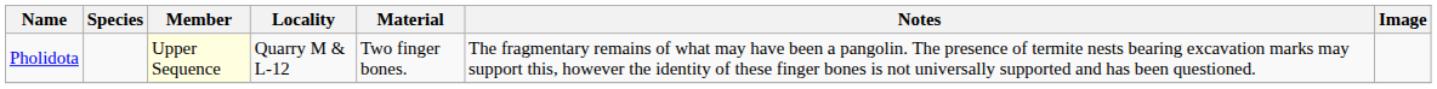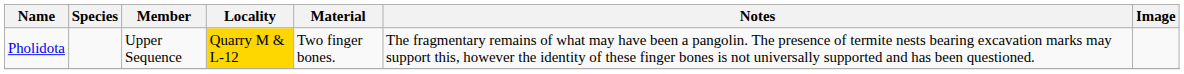 <table class="wikitable" align="center" width="100%">
 <tr>
 <th>Name</th>
 <th>Species</th>
 <th>Member</th>
 <th>Locality</th>
 <th>Material</th>
 <th>Notes</th>
 <th>Image</th>
 </tr>
 <tr>
 <td><a href='#'>Pholidota</a></td>
 <td></td>
-<td style="background: lightyellow;">Upper Sequence</td>
-<td>Quarry M & L-12</td>
+<td>Upper Sequence</td>
+<td style="background: gold;">Quarry M & L-12</td>
 <td>Two finger bones.</td>
 <td>The fragmentary remains of what may have been a pangolin. The presence of termite nests bearing excavation marks may support this, however the identity of these finger bones is not universally supported and has been questioned.</td>
 <td></td>
 </tr>
 <tr>
 </tr>
 </table>
